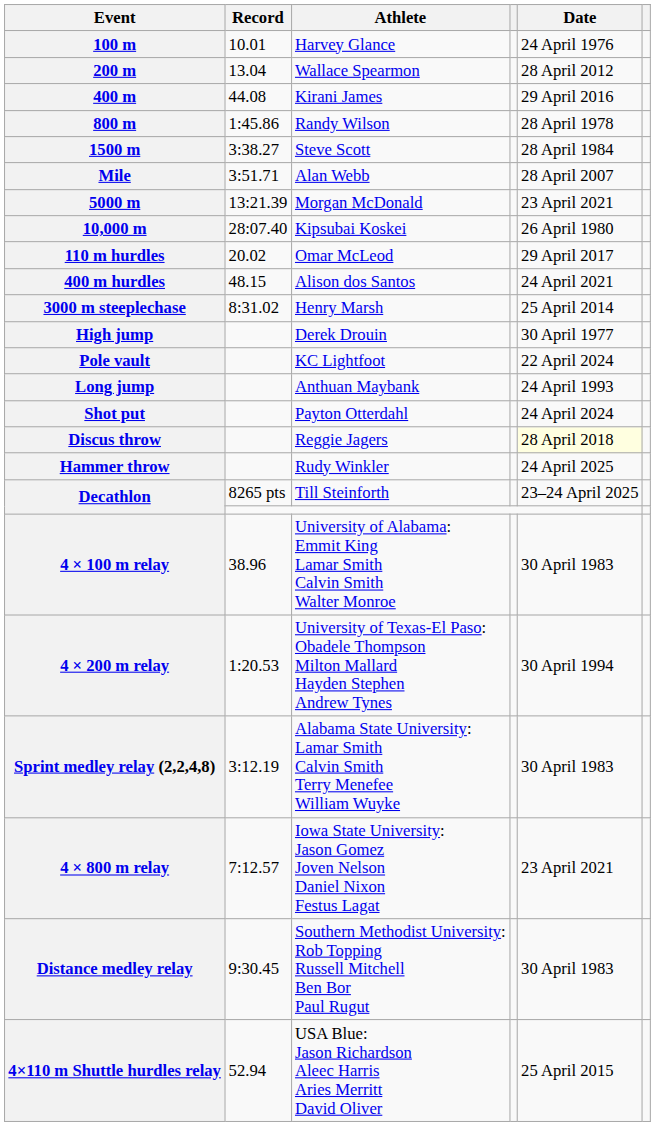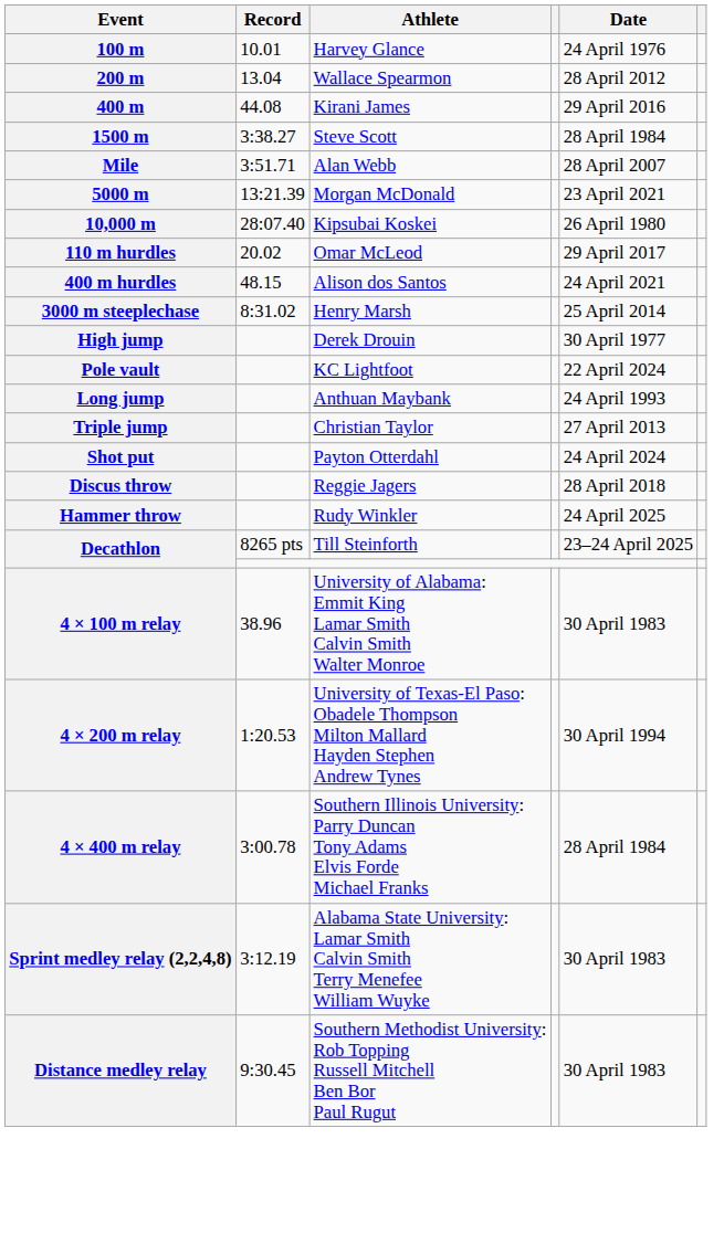 <table class="wikitable plainrowheaders sticky-header">
 <tr>
 <th width=px>Event</th>
 <th width=px>Record</th>
 <th width=px>Athlete</th>
 <th width=px></th>
 <th width=px>Date</th>
 <th width=px></th>
 </tr>
 <tr>
 <th scope="row"><a href='#'>100 m</a></th>
 <td>10.01 </td>
 <td><a href='#'>Harvey Glance</a></td>
 <td></td>
 <td>24 April 1976</td>
 <td></td>
 </tr>
 <tr>
 <th scope="row"><a href='#'>200 m</a></th>
 <td>13.04 </td>
 <td><a href='#'>Wallace Spearmon</a></td>
 <td></td>
 <td>28 April 2012</td>
 <td></td>
 </tr>
 <tr>
 <th scope="row"><a href='#'>400 m</a></th>
 <td>44.08</td>
 <td><a href='#'>Kirani James</a></td>
 <td></td>
 <td>29 April 2016</td>
-<td></td>
-</tr>
-<tr>
-<th scope="row"><a href='#'>800 m</a></th>
-<td>1:45.86</td>
-<td><a href='#'>Randy Wilson</a></td>
-<td></td>
-<td>28 April 1978</td>
 <td></td>
 </tr>
 <tr>
 <th scope="row"><a href='#'>1500 m</a></th>
 <td>3:38.27</td>
 <td><a href='#'>Steve Scott</a></td>
 <td></td>
 <td>28 April 1984</td>
 <td></td>
 </tr>
 <tr>
 <th scope="row"><a href='#'>Mile</a></th>
 <td>3:51.71</td>
 <td><a href='#'>Alan Webb</a></td>
 <td></td>
 <td>28 April 2007</td>
 <td></td>
 </tr>
 <tr>
 <th scope="row"><a href='#'>5000 m</a></th>
 <td>13:21.39</td>
 <td><a href='#'>Morgan McDonald</a></td>
 <td></td>
 <td>23 April 2021</td>
 <td></td>
 </tr>
 <tr>
 <th scope="row"><a href='#'>10,000 m</a></th>
 <td>28:07.40</td>
 <td><a href='#'>Kipsubai Koskei</a></td>
 <td></td>
 <td>26 April 1980</td>
 <td></td>
 </tr>
 <tr>
 <th scope="row"><a href='#'>110 m hurdles</a></th>
 <td>20.02 </td>
 <td><a href='#'>Omar McLeod</a></td>
 <td></td>
 <td>29 April 2017</td>
 <td></td>
 </tr>
 <tr>
 <th scope="row"><a href='#'>400 m hurdles</a></th>
 <td>48.15</td>
 <td><a href='#'>Alison dos Santos</a></td>
 <td></td>
 <td>24 April 2021</td>
 <td></td>
 </tr>
 <tr>
 <th scope="row"><a href='#'>3000 m steeplechase</a></th>
 <td>8:31.02</td>
 <td><a href='#'>Henry Marsh</a></td>
 <td></td>
 <td>25 April 2014</td>
 <td></td>
 </tr>
 <tr>
 <th scope="row"><a href='#'>High jump</a></th>
 <td></td>
 <td><a href='#'>Derek Drouin</a></td>
 <td></td>
 <td>30 April 1977</td>
 <td></td>
 </tr>
 <tr>
 <th scope="row"><a href='#'>Pole vault</a></th>
 <td></td>
 <td><a href='#'>KC Lightfoot</a></td>
 <td></td>
 <td>22 April 2024</td>
 <td></td>
 </tr>
 <tr>
 <th scope="row"><a href='#'>Long jump</a></th>
 <td></td>
 <td><a href='#'>Anthuan Maybank</a></td>
 <td></td>
 <td>24 April 1993</td>
 <td></td>
 </tr>
 <tr>
+<th scope="row"><a href='#'>Triple jump</a></th>
+<td></td>
+<td><a href='#'>Christian Taylor</a></td>
+<td></td>
+<td>27 April 2013</td>
+<td></td>
+</tr>
+<tr>
 <th scope="row"><a href='#'>Shot put</a></th>
 <td></td>
 <td><a href='#'>Payton Otterdahl</a></td>
 <td></td>
 <td>24 April 2024</td>
 <td></td>
 </tr>
 <tr>
 <th scope="row"><a href='#'>Discus throw</a></th>
 <td></td>
 <td><a href='#'>Reggie Jagers</a></td>
 <td></td>
-<td style="background: lightyellow;">28 April 2018</td>
+<td>28 April 2018</td>
 <td></td>
 </tr>
 <tr>
 <th scope="rowgroup"><a href='#'>Hammer throw</a></th>
 <td></td>
 <td><a href='#'>Rudy Winkler</a></td>
 <td></td>
 <td>24 April 2025</td>
 <td></td>
 </tr>
 <tr>
 <th scope="rowgroup" rowspan="2"><a href='#'>Decathlon</a></th>
 <td>8265 pts</td>
 <td><a href='#'>Till Steinforth</a></td>
 <td></td>
 <td>23–24 April 2025</td>
 <td></td>
 </tr>
 <tr>
 <td colspan=4></td>
 <td></td>
 </tr>
 <tr>
 <th scope="row"><a href='#'>4 × 100 m relay</a></th>
 <td>38.96</td>
 <td><a href='#'>University of Alabama</a>:<br><a href='#'>Emmit King</a><br><a href='#'>Lamar Smith</a><br><a href='#'>Calvin Smith</a><br><a href='#'>Walter Monroe</a></td>
 <td><br><br><br><br></td>
 <td>30 April 1983</td>
 <td></td>
 </tr>
 <tr>
 <th scope="row"><a href='#'>4 × 200 m relay</a></th>
 <td>1:20.53</td>
 <td><a href='#'>University of Texas-El Paso</a>:<br><a href='#'>Obadele Thompson</a><br><a href='#'>Milton Mallard</a><br><a href='#'>Hayden Stephen</a><br><a href='#'>Andrew Tynes</a></td>
 <td><br><br><br><br></td>
 <td>30 April 1994</td>
 <td></td>
 </tr>
 <tr>
+<th scope="row"><a href='#'>4 × 400 m relay</a></th>
+<td>3:00.78</td>
+<td><a href='#'>Southern Illinois University</a>:<br><a href='#'>Parry Duncan</a><br><a href='#'>Tony Adams</a><br><a href='#'>Elvis Forde</a><br><a href='#'>Michael Franks</a></td>
+<td><br><br><br><br></td>
+<td>28 April 1984</td>
+<td></td>
+</tr>
+<tr>
 <th scope="row"><a href='#'>Sprint medley relay</a> (2,2,4,8)</th>
 <td>3:12.19</td>
 <td><a href='#'>Alabama State University</a>:<br><a href='#'>Lamar Smith</a><br><a href='#'>Calvin Smith</a><br><a href='#'>Terry Menefee</a><br><a href='#'>William Wuyke</a></td>
 <td><br><br><br><br></td>
 <td>30 April 1983</td>
-<td></td>
-</tr>
-<tr>
-<th scope="row"><a href='#'>4 × 800 m relay</a></th>
-<td>7:12.57</td>
-<td><a href='#'>Iowa State University</a>:<br><a href='#'>Jason Gomez</a><br><a href='#'>Joven Nelson</a><br><a href='#'>Daniel Nixon</a><br><a href='#'>Festus Lagat</a></td>
-<td><br><br><br><br></td>
-<td>23 April 2021</td>
 <td></td>
 </tr>
 <tr>
 <th scope="row"><a href='#'>Distance medley relay</a></th>
 <td>9:30.45</td>
 <td><a href='#'>Southern Methodist University</a>:<br><a href='#'>Rob Topping</a><br><a href='#'>Russell Mitchell</a><br><a href='#'>Ben Bor</a><br><a href='#'>Paul Rugut</a></td>
 <td><br><br><br><br></td>
 <td>30 April 1983</td>
 <td></td>
 </tr>
-<tr>
-<th scope="row"><a href='#'>4×110 m Shuttle hurdles relay</a></th>
-<td>52.94</td>
-<td>USA Blue:<br><a href='#'>Jason Richardson</a><br><a href='#'>Aleec Harris</a><br><a href='#'>Aries Merritt</a><br><a href='#'>David Oliver</a></td>
-<td><br><br><br><br></td>
-<td>25 April 2015</td>
-<td></td>
-</tr>
 </table>
